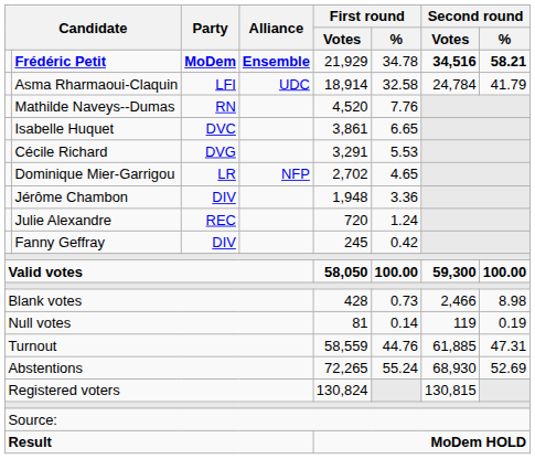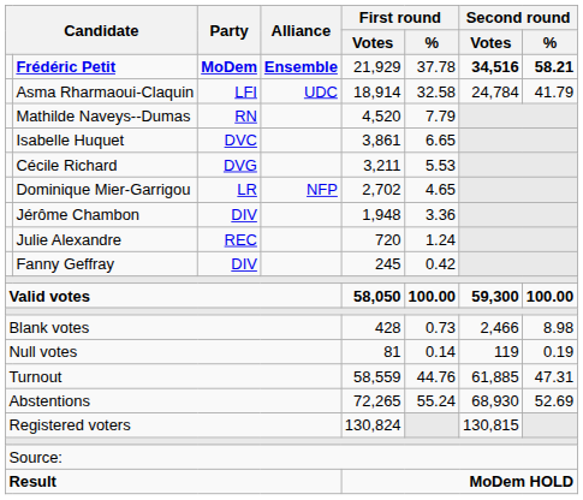 <table class="wikitable" style="text-align:right;font-size:95%;">
 <tr>
 <th colspan="2" rowspan="2">Candidate</th>
 <th colspan="1" rowspan="2">Party</th>
 <th colspan="1" rowspan="2">Alliance</th>
 <th colspan="2">First round</th>
 <th colspan="2">Second round</th>
 </tr>
 <tr>
 <th style="width:50px;">Votes</th>
 <th style="width:45px;">%</th>
 <th style="width:50px;">Votes</th>
 <th style="width:45px;">%</th>
 </tr>
 <tr>
 <td style="color:inherit;background:"></td>
 <td style="text-align:left;"><a href='#'><strong>Frédéric Petit</strong></a></td>
 <td><a href='#'><strong>MoDem</strong></a></td>
 <td><a href='#'><strong>Ensemble</strong></a></td>
 <td>21,929</td>
-<td>34.78</td>
+<td>37.78</td>
 <td><strong>34,516</strong></td>
 <td><strong>58.21</strong></td>
 </tr>
 <tr>
 <td style="color:inherit;background:"></td>
 <td style="text-align:left;">Asma Rharmaoui-Claquin</td>
 <td><a href='#'>LFI</a></td>
 <td><a href='#'>UDC</a></td>
 <td>18,914</td>
 <td>32.58</td>
 <td>24,784</td>
 <td>41.79</td>
 </tr>
 <tr>
 <td style="color:inherit;background:"></td>
 <td style="text-align:left;">Mathilde Naveys--Dumas</td>
 <td><a href='#'>RN</a></td>
 <td></td>
 <td>4,520</td>
-<td>7.76</td>
+<td>7.79</td>
 <td colspan="2" rowspan="1" style="background:#E9E9E9;"></td>
 </tr>
 <tr>
 <td style="color:inherit;background:"></td>
 <td style="text-align:left;">Isabelle Huquet</td>
 <td><a href='#'>DVC</a></td>
 <td></td>
 <td>3,861</td>
 <td>6.65</td>
 <td colspan="2" style="background:#E9E9E9;"></td>
 </tr>
 <tr>
 <td style="color:inherit;background:"></td>
 <td style="text-align:left;">Cécile Richard</td>
 <td><a href='#'>DVG</a></td>
 <td></td>
-<td>3,291</td>
+<td>3,211</td>
 <td>5.53</td>
 <td colspan="2" style="background:#E9E9E9;"></td>
 </tr>
 <tr>
 <td style="color:inherit;background:"></td>
 <td style="text-align:left;">Dominique Mier-Garrigou</td>
 <td><a href='#'>LR</a></td>
 <td><a href='#'>NFP</a></td>
 <td>2,702</td>
 <td>4.65</td>
 <td colspan="2" rowspan="1" style="background:#E9E9E9;"></td>
 </tr>
 <tr>
 <td style="color:inherit;background:"></td>
 <td style="text-align:left;">Jérôme Chambon</td>
 <td><a href='#'>DIV</a></td>
 <td></td>
 <td>1,948</td>
 <td>3.36</td>
 <td colspan="2" rowspan="1" style="background:#E9E9E9;"></td>
 </tr>
 <tr>
 <td style="color:inherit;background:"></td>
 <td style="text-align:left;">Julie Alexandre</td>
 <td><a href='#'>REC</a></td>
 <td></td>
 <td>720</td>
 <td>1.24</td>
 <td colspan="2" rowspan="1" style="background:#E9E9E9;"></td>
 </tr>
 <tr>
 <td style="color:inherit;background:"></td>
 <td style="text-align:left;">Fanny Geffray</td>
 <td><a href='#'>DIV</a></td>
 <td></td>
 <td>245</td>
 <td>0.42</td>
 <td colspan="2" rowspan="1" style="background:#E9E9E9;"></td>
 </tr>
 <tr>
 <td colspan="8" style="background:#E9E9E9;"></td>
 </tr>
 <tr style="font-weight:bold;">
 <td colspan="4" style="text-align:left;">Valid votes</td>
 <td>58,050</td>
 <td>100.00</td>
 <td>59,300</td>
 <td>100.00</td>
 </tr>
 <tr>
 <td colspan="8" style="background:#E9E9E9;"></td>
 </tr>
 <tr>
 <td colspan="4" style="text-align:left;">Blank votes</td>
 <td>428</td>
 <td>0.73</td>
 <td>2,466</td>
 <td>8.98</td>
 </tr>
 <tr>
 <td colspan="4" style="text-align:left;">Null votes</td>
 <td>81</td>
 <td>0.14</td>
 <td>119</td>
 <td>0.19</td>
 </tr>
 <tr>
 <td colspan="4" style="text-align:left;">Turnout</td>
 <td>58,559</td>
 <td>44.76</td>
 <td>61,885</td>
 <td>47.31</td>
 </tr>
 <tr>
 <td colspan="4" style="text-align:left;">Abstentions</td>
 <td>72,265</td>
 <td>55.24</td>
 <td>68,930</td>
 <td>52.69</td>
 </tr>
 <tr>
 <td colspan="4" style="text-align:left;">Registered voters</td>
 <td>130,824</td>
 <td style="background:#E9E9E9;"></td>
 <td>130,815</td>
 <td style="background:#E9E9E9;"></td>
 </tr>
 <tr>
 <td colspan="8" style="background:#E9E9E9;"></td>
 </tr>
 <tr>
 <td colspan="8" style="text-align:left;">Source: </td>
 </tr>
 <tr style="font-weight:bold">
 <td colspan="4" style="text-align:left;">Result</td>
 <td colspan="4" style="background-color:"><strong>MoDem HOLD</strong></td>
 </tr>
 </table>
